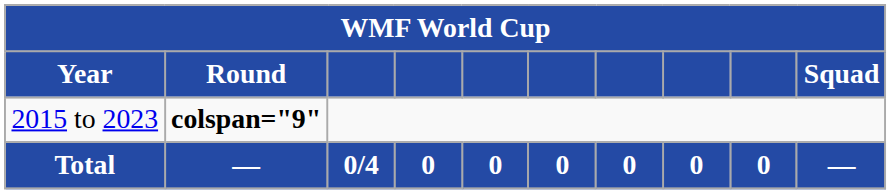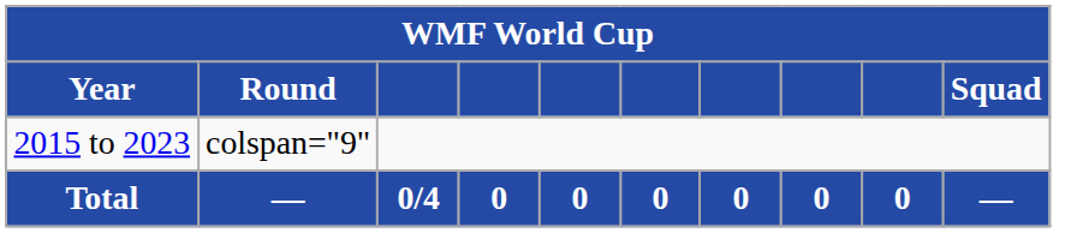 <table class="wikitable" style="text-align: center;font-size:90%;">
 <tr>
 <th colspan="10" style="background:#244AA5; color:white; ">WMF World Cup</th>
 </tr>
 <tr>
 <th style="background:#244AA5; color:white; ">Year</th>
 <th style="background:#244AA5; color:white; ">Round</th>
 <th width="28" style="background:#244AA5; color:white; "></th>
 <th width="28" style="background:#244AA5; color:white; "></th>
 <th width="28" style="background:#244AA5; color:white; "></th>
 <th width="28" style="background:#244AA5; color:white; "></th>
 <th width="28" style="background:#244AA5; color:white; "></th>
 <th width="28" style="background:#244AA5; color:white; "></th>
 <th width="28" style="background:#244AA5; color:white; "></th>
 <th style="background:#244AA5; color:white; ">Squad</th>
 </tr>
 <tr>
 <td> <a href='#'>2015</a> to  <a href='#'>2023</a></td>
-<td><strong>colspan="9" </strong></td>
+<td>colspan="9" </td>
 </tr>
 <tr>
 <th style="background:#244AA5; color:white; ">Total</th>
 <th style="background:#244AA5; color:white; ">—</th>
 <th style="background:#244AA5; color:white; ">0/4</th>
 <th style="background:#244AA5; color:white; ">0</th>
 <th style="background:#244AA5; color:white; ">0</th>
 <th style="background:#244AA5; color:white; ">0</th>
 <th style="background:#244AA5; color:white; ">0</th>
 <th style="background:#244AA5; color:white; ">0</th>
 <th style="background:#244AA5; color:white; ">0</th>
 <th style="background:#244AA5; color:white; ">—</th>
 </tr>
 </table>
